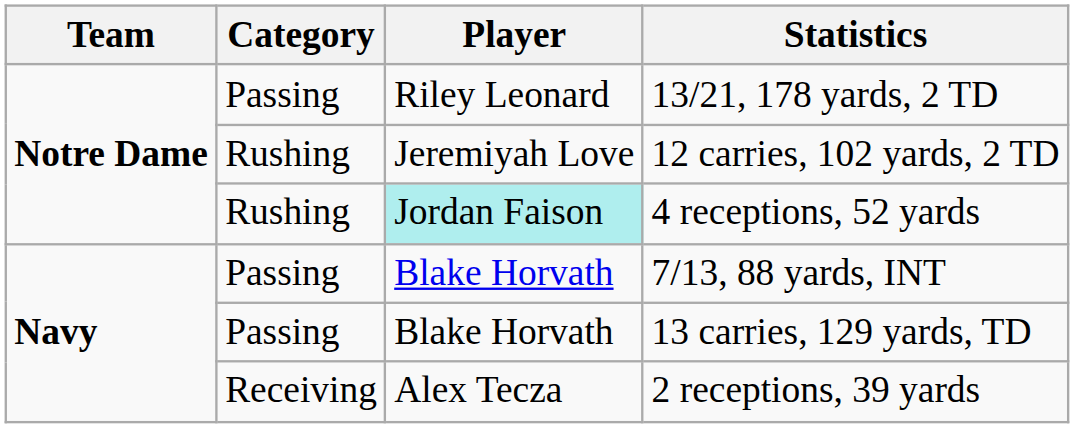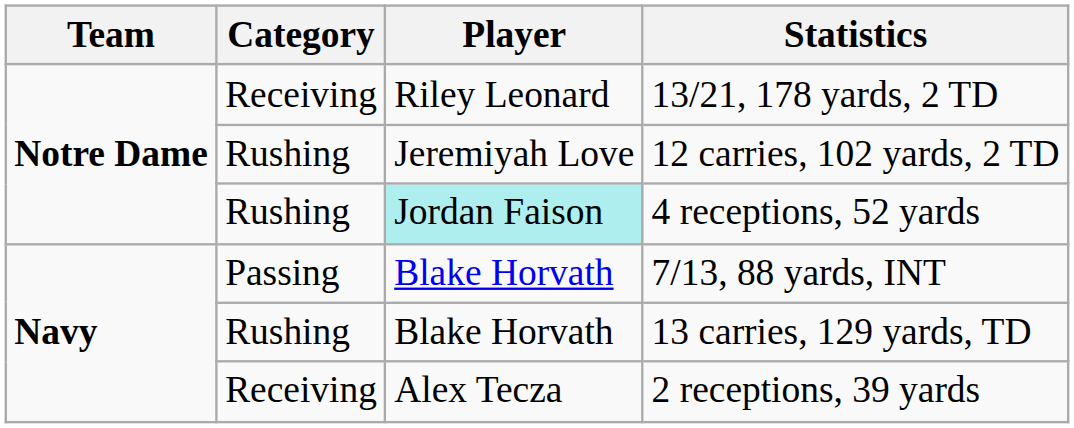 <table class="wikitable" style="float: right;">
 <tr>
 <th>Team</th>
 <th>Category</th>
 <th>Player</th>
 <th>Statistics</th>
 </tr>
 <tr>
 <td rowspan=3><strong>Notre Dame</strong></td>
-<td>Passing</td>
+<td>Receiving</td>
 <td>Riley Leonard</td>
 <td>13/21, 178 yards, 2 TD</td>
 </tr>
 <tr>
 <td>Rushing</td>
 <td>Jeremiyah Love</td>
 <td>12 carries, 102 yards, 2 TD</td>
 </tr>
 <tr>
 <td>Rushing</td>
 <td style="background: paleturquoise;">Jordan Faison</td>
 <td>4 receptions, 52 yards</td>
 </tr>
 <tr>
 <td rowspan=3><strong>Navy</strong></td>
 <td>Passing</td>
 <td><a href='#'>Blake Horvath</a></td>
 <td>7/13, 88 yards, INT</td>
 </tr>
 <tr>
-<td>Passing</td>
+<td>Rushing</td>
 <td>Blake Horvath</td>
 <td>13 carries, 129 yards, TD</td>
 </tr>
 <tr>
 <td>Receiving</td>
 <td>Alex Tecza</td>
 <td>2 receptions, 39 yards</td>
 </tr>
 </table>
